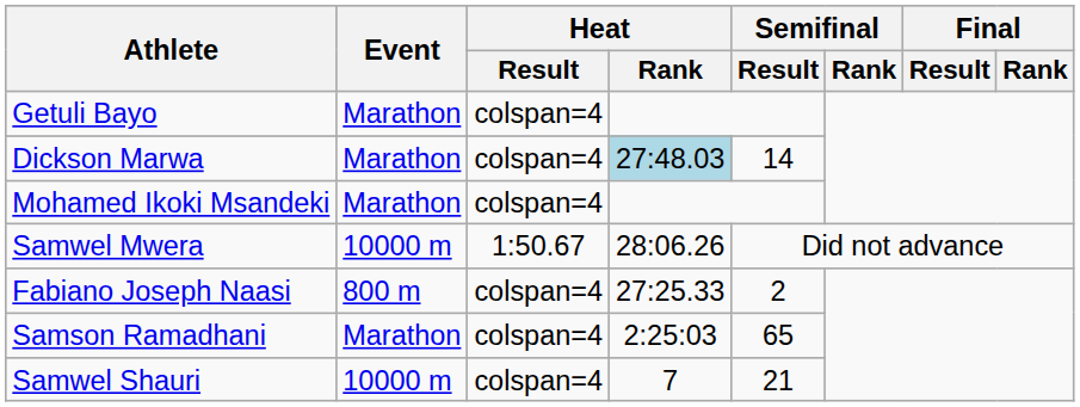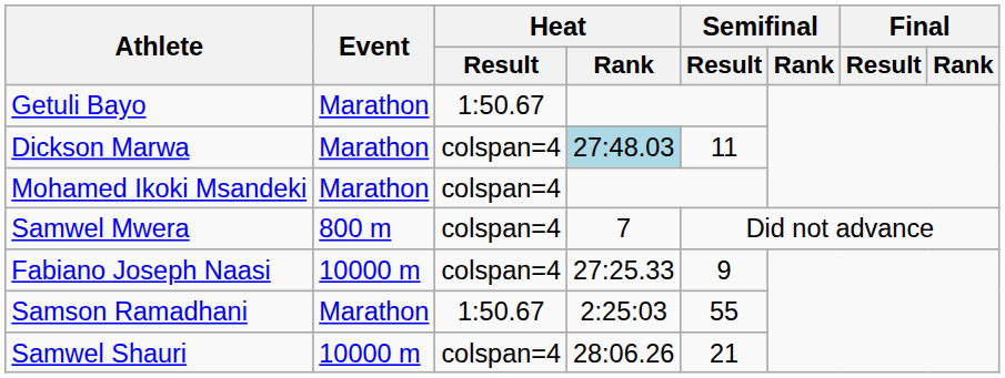 <table class=wikitable style="font-size:90%">
 <tr>
 <th rowspan="2">Athlete</th>
 <th rowspan="2">Event</th>
 <th colspan="2">Heat</th>
 <th colspan="2">Semifinal</th>
 <th colspan="2">Final</th>
 </tr>
 <tr style="font-size:95%">
 <th>Result</th>
 <th>Rank</th>
 <th>Result</th>
 <th>Rank</th>
 <th>Result</th>
 <th>Rank</th>
 </tr>
 <tr align=center>
 <td align=left><a href='#'>Getuli Bayo</a></td>
 <td align=left><a href='#'>Marathon</a></td>
-<td>colspan=4 </td>
+<td>1:50.67</td>
 <td colspan=2></td>
 </tr>
 <tr align=center>
 <td align=left><a href='#'>Dickson Marwa</a></td>
 <td align=left><a href='#'>Marathon</a></td>
 <td>colspan=4 </td>
 <td style="background: lightblue;">27:48.03</td>
-<td>14</td>
+<td>11</td>
 </tr>
 <tr align=center>
 <td align=left><a href='#'>Mohamed Ikoki Msandeki</a></td>
 <td align=left><a href='#'>Marathon</a></td>
 <td>colspan=4 </td>
 <td colspan=2></td>
 </tr>
 <tr align=center>
 <td align=left><a href='#'>Samwel Mwera</a></td>
-<td align=left><a href='#'>10000 m</a></td>
-<td>1:50.67</td>
-<td>28:06.26</td>
+<td align=left><a href='#'>800 m</a></td>
+<td>colspan=4 </td>
+<td>7</td>
 <td colspan=4>Did not advance</td>
 </tr>
 <tr align=center>
 <td align=left><a href='#'>Fabiano Joseph Naasi</a></td>
-<td align=left><a href='#'>800 m</a></td>
+<td align=left><a href='#'>10000 m</a></td>
 <td>colspan=4 </td>
 <td>27:25.33</td>
-<td>2</td>
+<td>9</td>
 </tr>
 <tr align=center>
 <td align=left><a href='#'>Samson Ramadhani</a></td>
 <td align=left><a href='#'>Marathon</a></td>
-<td>colspan=4 </td>
+<td>1:50.67</td>
 <td>2:25:03</td>
-<td>65</td>
+<td>55</td>
 </tr>
 <tr align=center>
 <td align=left><a href='#'>Samwel Shauri</a></td>
 <td align=left><a href='#'>10000 m</a></td>
 <td>colspan=4 </td>
-<td>7</td>
+<td>28:06.26</td>
 <td>21</td>
 </tr>
 </table>
